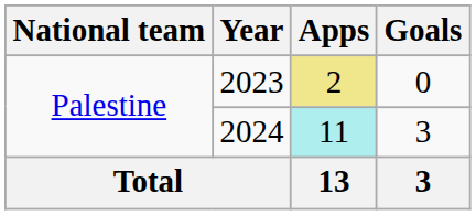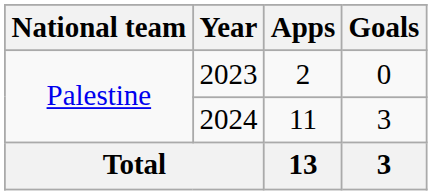 <table class="wikitable" style="text-align: center;">
 <tr>
 <th>National team</th>
 <th>Year</th>
 <th>Apps</th>
 <th>Goals</th>
 </tr>
 <tr>
 <td rowspan=2><a href='#'>Palestine</a></td>
 <td>2023</td>
-<td style="background: khaki;">2</td>
+<td>2</td>
 <td>0</td>
 </tr>
 <tr>
 <td>2024</td>
-<td style="background: paleturquoise;">11</td>
+<td>11</td>
 <td>3</td>
 </tr>
 <tr>
 <th colspan=2>Total</th>
 <th>13</th>
 <th>3</th>
 </tr>
 </table>
